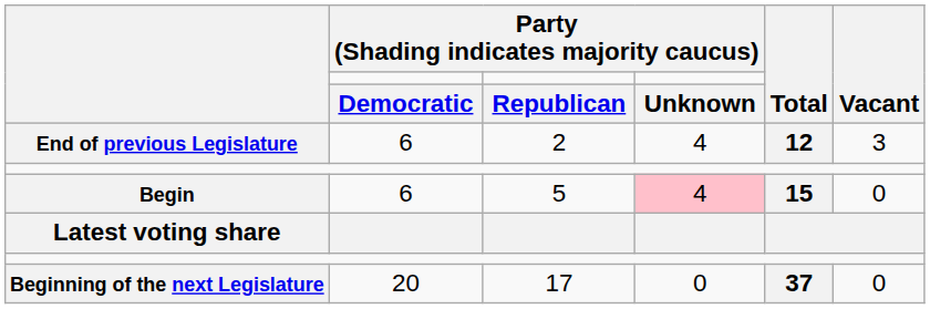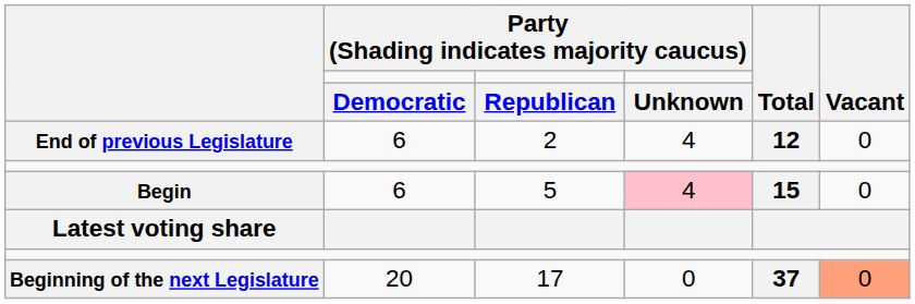 <table class=wikitable style="text-align:center">
 <tr style="vertical-align:bottom;">
 <th rowspan=3></th>
 <th colspan=3>Party <div>(Shading indicates majority caucus)</div></th>
 <th rowspan=3>Total</th>
 <th rowspan=3>Vacant</th>
 </tr>
 <tr style="height:5px">
 <td style="background-color:"></td>
 <td style="background-color:"></td>
 <td style="background-color:"></td>
 </tr>
 <tr>
 <th><a href='#'>Democratic</a></th>
 <th><a href='#'>Republican</a></th>
 <th>Unknown</th>
 </tr>
 <tr>
 <th style="white-space:nowrap; font-size:80%;">End of <a href='#'>previous Legislature</a></th>
 <td>6</td>
 <td>2</td>
 <td>4</td>
 <th>12</th>
-<td>3</td>
+<td>0</td>
 </tr>
 <tr>
 <td colspan=6></td>
 </tr>
 <tr>
 <th style="font-size:80%">Begin</th>
 <td>6</td>
 <td>5</td>
 <td style="background: pink;">4</td>
 <th>15</th>
 <td>0</td>
 </tr>
 <tr>
 <th>Latest voting share</th>
 <th></th>
 <th></th>
 <th></th>
 <th colspan=2></th>
 </tr>
 <tr>
 <td colspan=6></td>
 </tr>
 <tr>
 <th style="white-space:nowrap; font-size:80%;">Beginning of the <a href='#'>next Legislature</a></th>
 <td>20</td>
 <td>17</td>
 <td>0</td>
 <th>37</th>
-<td>0</td>
+<td style="background: lightsalmon;">0</td>
 </tr>
 </table>
